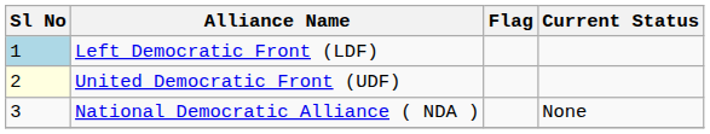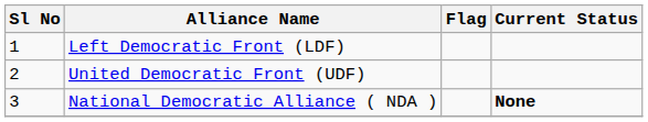 <table class="wikitable">
 <tr>
 <th>Sl No</th>
 <th>Alliance Name</th>
 <th>Flag</th>
 <th>Current Status</th>
 </tr>
 <tr>
-<td style="background: lightblue;">1</td>
+<td>1</td>
 <td><a href='#'>Left Democratic Front</a> (LDF)</td>
 <td></td>
 <td></td>
 </tr>
 <tr>
-<td style="background: lightyellow;">2</td>
+<td>2</td>
 <td><a href='#'>United Democratic Front</a> (UDF)</td>
 <td></td>
 <td></td>
 </tr>
 <tr>
 <td>3</td>
 <td><a href='#'>National Democratic Alliance</a> ( NDA )</td>
 <td></td>
-<td>None</td>
+<td><strong>None</strong></td>
 </tr>
 <tr>
 </tr>
 </table>
